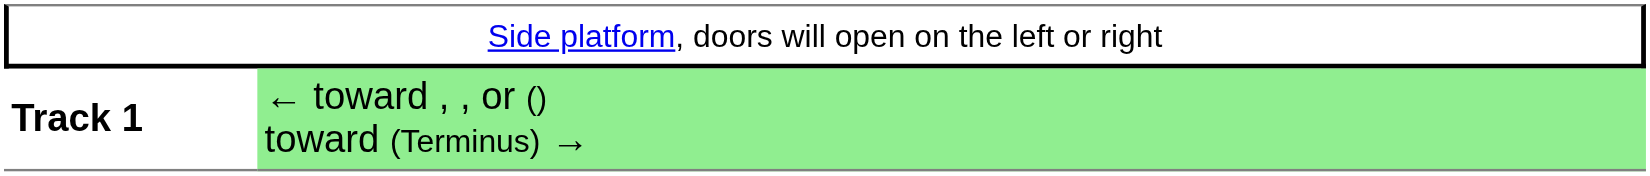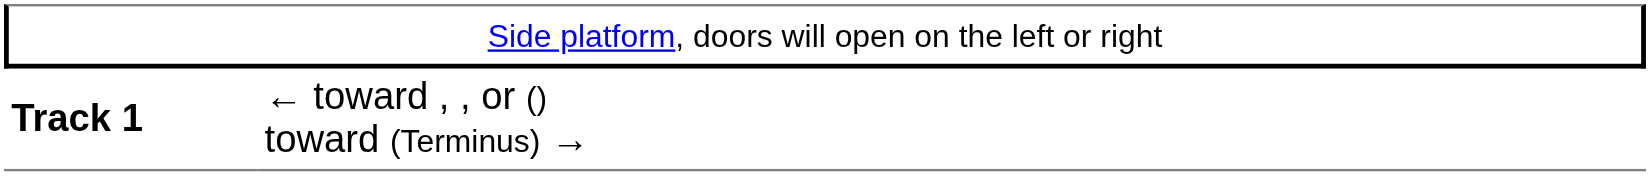 <table cellpadding="3" cellspacing="0" border="0">
 <tr>
 <td colspan="2" style="border-top:solid 1px gray;border-right:solid 2px black;border-left:solid 2px black;border-bottom:solid 2px black;text-align:center;"><small><a href='#'>Side platform</a>, doors will open on the left or right</small> </td>
 </tr>
 <tr>
 <td width="100" style="border-bottom:solid 1px gray;"><strong>Track 1</strong></td>
-<td width="575" style="background: lightgreen; border-bottom:solid 1px gray;">←  toward , , or  <small>()</small><br>  toward  <small>(Terminus)</small> →</td>
+<td width="575" style="border-bottom:solid 1px gray;">←  toward , , or  <small>()</small><br>  toward  <small>(Terminus)</small> →</td>
 </tr>
 </table>
